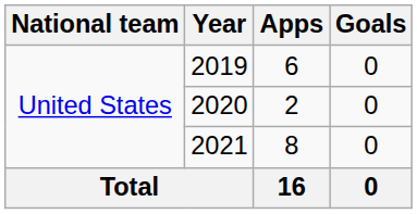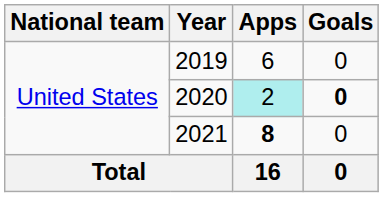 <table class="wikitable" style="text-align: center;">
 <tr>
 <th>National team</th>
 <th>Year</th>
 <th>Apps</th>
 <th>Goals</th>
 </tr>
 <tr>
 <td rowspan="3"><a href='#'>United States</a></td>
 <td>2019</td>
 <td>6</td>
 <td>0</td>
 </tr>
 <tr>
 <td>2020</td>
-<td>2</td>
-<td>0</td>
+<td style="background: paleturquoise;">2</td>
+<td><strong>0</strong></td>
 </tr>
 <tr>
 <td>2021</td>
-<td>8</td>
+<td><strong>8</strong></td>
 <td>0</td>
 </tr>
 <tr>
 <th colspan="2">Total</th>
 <th>16</th>
 <th>0</th>
 </tr>
 </table>
